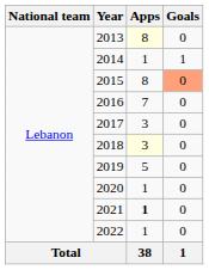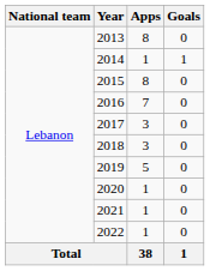 <table class="wikitable" style="text-align:center">
 <tr>
 <th>National team</th>
 <th>Year</th>
 <th>Apps</th>
 <th>Goals</th>
 </tr>
 <tr>
 <td rowspan="10"><a href='#'>Lebanon</a></td>
 <td>2013</td>
-<td style="background: lightyellow;">8</td>
+<td>8</td>
 <td>0</td>
 </tr>
 <tr>
 <td>2014</td>
 <td>1</td>
 <td>1</td>
 </tr>
 <tr>
 <td>2015</td>
 <td>8</td>
-<td style="background: lightsalmon;">0</td>
+<td>0</td>
 </tr>
 <tr>
 <td>2016</td>
 <td>7</td>
 <td>0</td>
 </tr>
 <tr>
 <td>2017</td>
 <td>3</td>
 <td>0</td>
 </tr>
 <tr>
 <td>2018</td>
-<td style="background: lightyellow;">3</td>
+<td>3</td>
 <td>0</td>
 </tr>
 <tr>
 <td>2019</td>
 <td>5</td>
 <td>0</td>
 </tr>
 <tr>
 <td>2020</td>
 <td>1</td>
 <td>0</td>
 </tr>
 <tr>
 <td>2021</td>
-<td><strong>1</strong></td>
+<td>1</td>
 <td>0</td>
 </tr>
 <tr>
 <td>2022</td>
 <td>1</td>
 <td>0</td>
 </tr>
 <tr>
 <th colspan="2">Total</th>
 <th>38</th>
 <th>1</th>
 </tr>
 </table>
